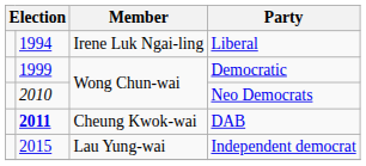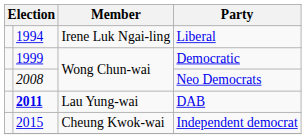 <table class="wikitable">
 <tr>
 <th colspan="2">Election</th>
 <th>Member</th>
 <th>Party</th>
 </tr>
 <tr>
 <td style="background-color: "></td>
 <td><a href='#'>1994</a></td>
 <td>Irene Luk Ngai-ling</td>
 <td><a href='#'>Liberal</a></td>
 </tr>
 <tr>
 <td style="background-color: "></td>
 <td><a href='#'>1999</a></td>
 <td rowspan=2>Wong Chun-wai</td>
 <td><a href='#'>Democratic</a></td>
 </tr>
 <tr>
 <td style="background-color: "></td>
-<td><em>2010</em></td>
+<td><em>2008</em></td>
 <td><a href='#'>Neo Democrats</a></td>
 </tr>
 <tr>
 <td style="background-color: "></td>
 <td><strong><a href='#'>2011</a></strong></td>
-<td>Cheung Kwok-wai</td>
+<td>Lau Yung-wai</td>
 <td><a href='#'>DAB</a></td>
 </tr>
 <tr>
 <td style="background-color: "></td>
 <td><a href='#'>2015</a></td>
-<td>Lau Yung-wai</td>
+<td>Cheung Kwok-wai</td>
 <td><a href='#'>Independent democrat</a></td>
 </tr>
 <tr>
 </tr>
 </table>
